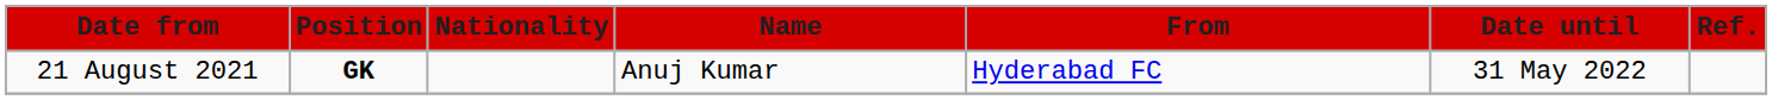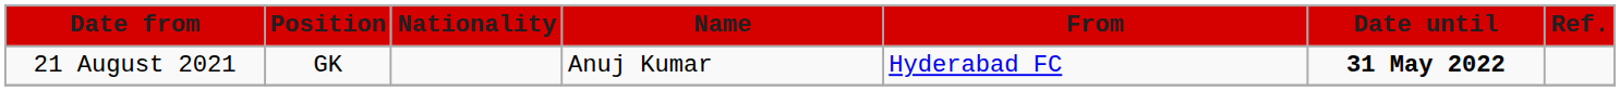 <table class="wikitable"  style="text-align:center; font-size:90%; ">
 <tr>
 <th style="background:#d50000; color:#231F20; width:120px;">Date from</th>
 <th style="background:#d50000; color:#231F20; width:50px;">Position</th>
 <th style="background:#d50000; color:#231F20; width:50px;">Nationality</th>
 <th style="background:#d50000; color:#231F20; width:150px;">Name</th>
 <th style="background:#d50000; color:#231F20; width:200px;">From</th>
 <th style="background:#d50000; color:#231F20; width:110px;">Date until</th>
 <th style="background:#d50000; color:#231F20; width:25px;">Ref.</th>
 </tr>
 <tr>
 <td>21 August 2021</td>
-<td style="text-align:center;"><strong>GK</strong></td>
+<td style="text-align:center;">GK</td>
 <td style="text-align:center;"></td>
 <td style="text-align:left;">Anuj Kumar</td>
 <td style="text-align:left;"> <a href='#'>Hyderabad FC</a></td>
-<td>31 May 2022</td>
+<td><strong>31 May 2022</strong></td>
 <td></td>
 </tr>
 <tr>
 </tr>
 </table>
